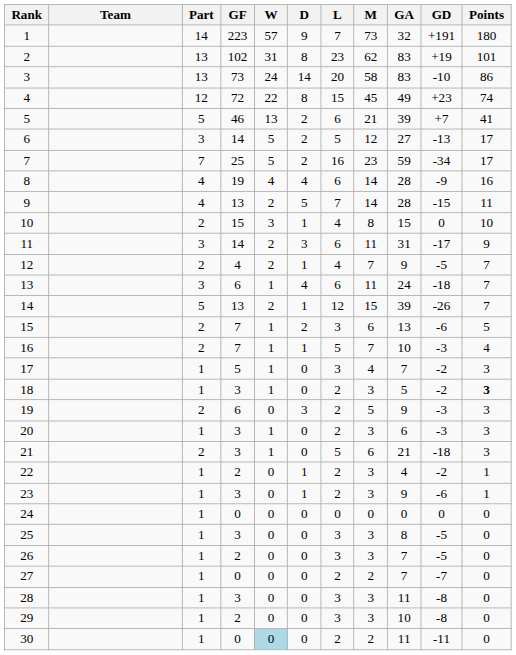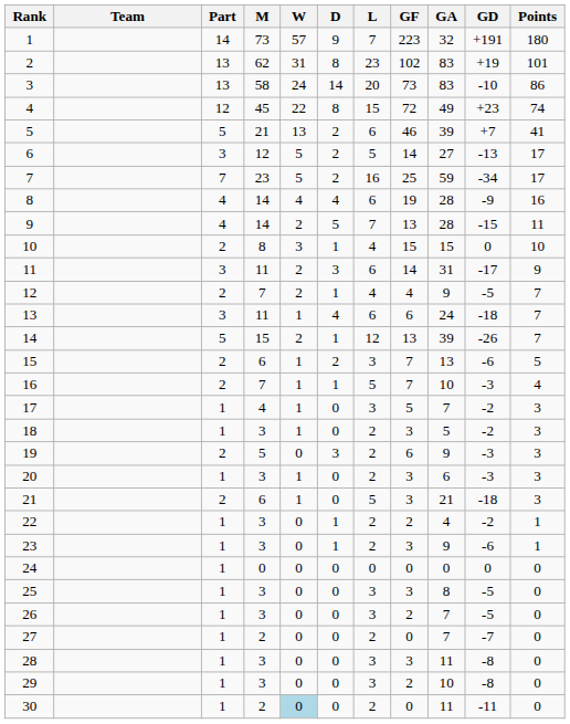 <table class="wikitable sortable" width=70% style="text-align:center">
 <tr>
 <th width=5%>Rank</th>
 <th width=20%>Team</th>
 <th width=5%>Part</th>
-<th width=5%>GF</th>
+<th width=5%>M</th>
 <th width=5%>W</th>
 <th width=5%>D</th>
 <th width=5%>L</th>
-<th width=5%>M</th>
+<th width=5%>GF</th>
 <th width=5%>GA</th>
 <th width=5%>GD</th>
 <th width=5%>Points</th>
 </tr>
 <tr>
 <td>1</td>
 <td style=text-align:left></td>
 <td>14</td>
-<td>223</td>
+<td>73</td>
 <td>57</td>
 <td>9</td>
 <td>7</td>
-<td>73</td>
+<td>223</td>
 <td>32</td>
 <td>+191</td>
 <td>180</td>
 </tr>
 <tr>
 <td>2</td>
 <td style="text-align:left"></td>
 <td>13</td>
-<td>102</td>
+<td>62</td>
 <td>31</td>
 <td>8</td>
 <td>23</td>
-<td>62</td>
+<td>102</td>
 <td>83</td>
 <td>+19</td>
 <td>101</td>
 </tr>
 <tr>
 <td>3</td>
 <td style=text-align:left></td>
 <td>13</td>
-<td>73</td>
+<td>58</td>
 <td>24</td>
 <td>14</td>
 <td>20</td>
-<td>58</td>
+<td>73</td>
 <td>83</td>
 <td>-10</td>
 <td>86</td>
 </tr>
 <tr>
 <td>4</td>
 <td style=text-align:left></td>
 <td>12</td>
-<td>72</td>
+<td>45</td>
 <td>22</td>
 <td>8</td>
 <td>15</td>
-<td>45</td>
+<td>72</td>
 <td>49</td>
 <td>+23</td>
 <td>74</td>
 </tr>
 <tr>
 <td>5</td>
 <td style=text-align:left></td>
 <td>5</td>
-<td>46</td>
+<td>21</td>
 <td>13</td>
 <td>2</td>
 <td>6</td>
-<td>21</td>
+<td>46</td>
 <td>39</td>
 <td>+7</td>
 <td>41</td>
 </tr>
 <tr>
 <td>6</td>
 <td style=text-align:left></td>
 <td>3</td>
-<td>14</td>
+<td>12</td>
 <td>5</td>
 <td>2</td>
 <td>5</td>
-<td>12</td>
+<td>14</td>
 <td>27</td>
 <td>-13</td>
 <td>17</td>
 </tr>
 <tr>
 <td>7</td>
 <td style=text-align:left></td>
 <td>7</td>
-<td>25</td>
+<td>23</td>
 <td>5</td>
 <td>2</td>
 <td>16</td>
-<td>23</td>
+<td>25</td>
 <td>59</td>
 <td>-34</td>
 <td>17</td>
 </tr>
 <tr>
 <td>8</td>
 <td style=text-align:left></td>
 <td>4</td>
-<td>19</td>
+<td>14</td>
 <td>4</td>
 <td>4</td>
 <td>6</td>
-<td>14</td>
+<td>19</td>
 <td>28</td>
 <td>-9</td>
 <td>16</td>
 </tr>
 <tr>
 <td>9</td>
 <td style=text-align:left></td>
 <td>4</td>
-<td>13</td>
+<td>14</td>
 <td>2</td>
 <td>5</td>
 <td>7</td>
-<td>14</td>
+<td>13</td>
 <td>28</td>
 <td>-15</td>
 <td>11</td>
 </tr>
 <tr>
 <td>10</td>
 <td style=text-align:left></td>
 <td>2</td>
-<td>15</td>
+<td>8</td>
 <td>3</td>
 <td>1</td>
 <td>4</td>
-<td>8</td>
+<td>15</td>
 <td>15</td>
 <td>0</td>
 <td>10</td>
 </tr>
 <tr>
 <td>11</td>
 <td style=text-align:left></td>
 <td>3</td>
-<td>14</td>
+<td>11</td>
 <td>2</td>
 <td>3</td>
 <td>6</td>
-<td>11</td>
+<td>14</td>
 <td>31</td>
 <td>-17</td>
 <td>9</td>
 </tr>
 <tr>
 <td>12</td>
 <td style=text-align:left></td>
 <td>2</td>
-<td>4</td>
+<td>7</td>
 <td>2</td>
 <td>1</td>
 <td>4</td>
-<td>7</td>
+<td>4</td>
 <td>9</td>
 <td>-5</td>
 <td>7</td>
 </tr>
 <tr>
 <td>13</td>
 <td style=text-align:left></td>
 <td>3</td>
-<td>6</td>
+<td>11</td>
 <td>1</td>
 <td>4</td>
 <td>6</td>
-<td>11</td>
+<td>6</td>
 <td>24</td>
 <td>-18</td>
 <td>7</td>
 </tr>
 <tr>
 <td>14</td>
 <td style=text-align:left></td>
 <td>5</td>
-<td>13</td>
+<td>15</td>
 <td>2</td>
 <td>1</td>
 <td>12</td>
-<td>15</td>
+<td>13</td>
 <td>39</td>
 <td>-26</td>
 <td>7</td>
 </tr>
 <tr>
 <td>15</td>
 <td style=text-align:left></td>
 <td>2</td>
-<td>7</td>
+<td>6</td>
 <td>1</td>
 <td>2</td>
 <td>3</td>
-<td>6</td>
+<td>7</td>
 <td>13</td>
 <td>-6</td>
 <td>5</td>
 </tr>
 <tr>
 <td>16</td>
 <td style=text-align:left></td>
 <td>2</td>
 <td>7</td>
 <td>1</td>
 <td>1</td>
 <td>5</td>
 <td>7</td>
 <td>10</td>
 <td>-3</td>
 <td>4</td>
 </tr>
 <tr>
 <td>17</td>
 <td style=text-align:left></td>
 <td>1</td>
-<td>5</td>
+<td>4</td>
 <td>1</td>
 <td>0</td>
 <td>3</td>
-<td>4</td>
+<td>5</td>
 <td>7</td>
 <td>-2</td>
 <td>3</td>
 </tr>
 <tr>
 <td>18</td>
 <td style=text-align:left></td>
 <td>1</td>
 <td>3</td>
 <td>1</td>
 <td>0</td>
 <td>2</td>
 <td>3</td>
 <td>5</td>
 <td>-2</td>
-<td><strong>3</strong></td>
+<td>3</td>
 </tr>
 <tr>
 <td>19</td>
 <td style=text-align:left></td>
 <td>2</td>
-<td>6</td>
+<td>5</td>
 <td>0</td>
 <td>3</td>
 <td>2</td>
-<td>5</td>
+<td>6</td>
 <td>9</td>
 <td>-3</td>
 <td>3</td>
 </tr>
 <tr>
 <td>20</td>
 <td style=text-align:left></td>
 <td>1</td>
 <td>3</td>
 <td>1</td>
 <td>0</td>
 <td>2</td>
 <td>3</td>
 <td>6</td>
 <td>-3</td>
 <td>3</td>
 </tr>
 <tr>
 <td>21</td>
 <td style=text-align:left></td>
 <td>2</td>
-<td>3</td>
+<td>6</td>
 <td>1</td>
 <td>0</td>
 <td>5</td>
-<td>6</td>
+<td>3</td>
 <td>21</td>
 <td>-18</td>
 <td>3</td>
 </tr>
 <tr>
 <td>22</td>
 <td style=text-align:left></td>
 <td>1</td>
-<td>2</td>
+<td>3</td>
 <td>0</td>
 <td>1</td>
 <td>2</td>
-<td>3</td>
+<td>2</td>
 <td>4</td>
 <td>-2</td>
 <td>1</td>
 </tr>
 <tr>
 <td>23</td>
 <td style=text-align:left></td>
 <td>1</td>
 <td>3</td>
 <td>0</td>
 <td>1</td>
 <td>2</td>
 <td>3</td>
 <td>9</td>
 <td>-6</td>
 <td>1</td>
 </tr>
 <tr>
 <td>24</td>
 <td style=text-align:left></td>
 <td>1</td>
 <td>0</td>
 <td>0</td>
 <td>0</td>
 <td>0</td>
 <td>0</td>
 <td>0</td>
 <td>0</td>
 <td>0</td>
 </tr>
 <tr>
 <td>25</td>
 <td style=text-align:left></td>
 <td>1</td>
 <td>3</td>
 <td>0</td>
 <td>0</td>
 <td>3</td>
 <td>3</td>
 <td>8</td>
 <td>-5</td>
 <td>0</td>
 </tr>
 <tr>
 <td>26</td>
 <td style=text-align:left></td>
 <td>1</td>
-<td>2</td>
+<td>3</td>
 <td>0</td>
 <td>0</td>
 <td>3</td>
-<td>3</td>
+<td>2</td>
 <td>7</td>
 <td>-5</td>
 <td>0</td>
 </tr>
 <tr>
 <td>27</td>
 <td style=text-align:left></td>
 <td>1</td>
-<td>0</td>
+<td>2</td>
 <td>0</td>
 <td>0</td>
 <td>2</td>
-<td>2</td>
+<td>0</td>
 <td>7</td>
 <td>-7</td>
 <td>0</td>
 </tr>
 <tr>
 <td>28</td>
 <td style=text-align:left></td>
 <td>1</td>
 <td>3</td>
 <td>0</td>
 <td>0</td>
 <td>3</td>
 <td>3</td>
 <td>11</td>
 <td>-8</td>
 <td>0</td>
 </tr>
 <tr>
 <td>29</td>
 <td style=text-align:left></td>
 <td>1</td>
-<td>2</td>
+<td>3</td>
 <td>0</td>
 <td>0</td>
 <td>3</td>
-<td>3</td>
+<td>2</td>
 <td>10</td>
 <td>-8</td>
 <td>0</td>
 </tr>
 <tr>
 <td>30</td>
 <td style=text-align:left></td>
 <td>1</td>
-<td>0</td>
+<td>2</td>
 <td style="background: lightblue;">0</td>
 <td>0</td>
 <td>2</td>
-<td>2</td>
+<td>0</td>
 <td>11</td>
 <td>-11</td>
 <td>0</td>
 </tr>
 </table>
